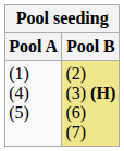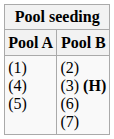 <table class="wikitable collapsible">
 <tr>
 <th colspan=2>Pool seeding</th>
 </tr>
 <tr>
 <th>Pool A</th>
 <th>Pool B</th>
 </tr>
 <tr>
 <td valign=top> (1)<br> (4)<br> (5)</td>
-<td valign=top style="background: khaki;"> (2) <br> (3) <strong>(H)</strong><br> (6)<br> (7)</td>
+<td valign=top> (2) <br> (3) <strong>(H)</strong><br> (6)<br> (7)</td>
 </tr>
 </table>
